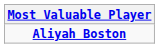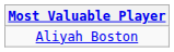 <table class=wikitable style="text-align:center; margin:auto">
 <tr>
 <th><a href='#'>Most Valuable Player</a></th>
 </tr>
 <tr>
-<td><strong> <a href='#'>Aliyah Boston</a></strong></td>
+<td> <a href='#'>Aliyah Boston</a></td>
 </tr>
 </table>
